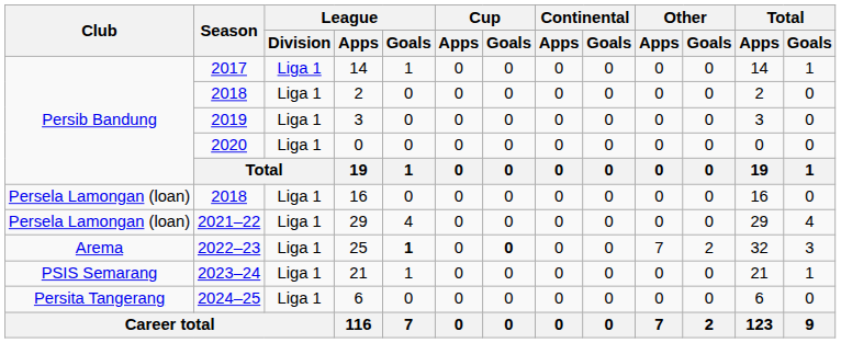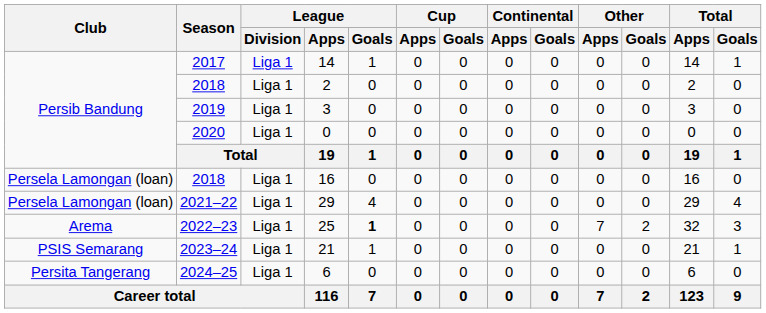 <table class="wikitable" style="text-align:center">
 <tr>
 <th rowspan="2">Club</th>
 <th rowspan="2">Season</th>
 <th colspan="3">League</th>
 <th colspan="2">Cup</th>
 <th colspan="2">Continental</th>
 <th colspan="2">Other</th>
 <th colspan="2">Total</th>
 </tr>
 <tr>
 <th>Division</th>
 <th>Apps</th>
 <th>Goals</th>
 <th>Apps</th>
 <th>Goals</th>
 <th>Apps</th>
 <th>Goals</th>
 <th>Apps</th>
 <th>Goals</th>
 <th>Apps</th>
 <th>Goals</th>
 </tr>
 <tr>
 <td rowspan="5"><a href='#'>Persib Bandung</a></td>
 <td><a href='#'>2017</a></td>
 <td rowspan="1" valign="center"><a href='#'>Liga 1</a></td>
 <td>14</td>
 <td>1</td>
 <td>0</td>
 <td>0</td>
 <td>0</td>
 <td>0</td>
 <td>0</td>
 <td>0</td>
 <td>14</td>
 <td>1</td>
 </tr>
 <tr>
 <td><a href='#'>2018</a></td>
 <td rowspan="1" valign="center">Liga 1</td>
 <td>2</td>
 <td>0</td>
 <td>0</td>
 <td>0</td>
 <td>0</td>
 <td>0</td>
 <td>0</td>
 <td>0</td>
 <td>2</td>
 <td>0</td>
 </tr>
 <tr>
 <td><a href='#'>2019</a></td>
 <td rowspan="1" valign="center">Liga 1</td>
 <td>3</td>
 <td>0</td>
 <td>0</td>
 <td>0</td>
 <td>0</td>
 <td>0</td>
 <td>0</td>
 <td>0</td>
 <td>3</td>
 <td>0</td>
 </tr>
 <tr>
 <td><a href='#'>2020</a></td>
 <td rowspan="1" valign="center">Liga 1</td>
 <td>0</td>
 <td>0</td>
 <td>0</td>
 <td>0</td>
 <td>0</td>
 <td>0</td>
 <td>0</td>
 <td>0</td>
 <td>0</td>
 <td>0</td>
 </tr>
 <tr>
 <th colspan="2">Total</th>
 <th>19</th>
 <th>1</th>
 <th>0</th>
 <th>0</th>
 <th>0</th>
 <th>0</th>
 <th>0</th>
 <th>0</th>
 <th>19</th>
 <th>1</th>
 </tr>
 <tr>
 <td rowspan="1" valign="center"><a href='#'>Persela Lamongan</a> (loan)</td>
 <td><a href='#'>2018</a></td>
 <td rowspan="1" valign="center">Liga 1</td>
 <td>16</td>
 <td>0</td>
 <td>0</td>
 <td>0</td>
 <td>0</td>
 <td>0</td>
 <td>0</td>
 <td>0</td>
 <td>16</td>
 <td>0</td>
 </tr>
 <tr>
 <td rowspan="1" valign="center"><a href='#'>Persela Lamongan</a> (loan)</td>
 <td><a href='#'>2021–22</a></td>
 <td rowspan="1" valign="center">Liga 1</td>
 <td>29</td>
 <td>4</td>
 <td>0</td>
 <td>0</td>
 <td>0</td>
 <td>0</td>
 <td>0</td>
 <td>0</td>
 <td>29</td>
 <td>4</td>
 </tr>
 <tr>
 <td rowspan="1"><a href='#'>Arema</a></td>
 <td><a href='#'>2022–23</a></td>
 <td rowspan="1">Liga 1</td>
 <td>25</td>
 <td><strong>1</strong></td>
 <td>0</td>
-<td><strong>0</strong></td>
+<td>0</td>
 <td>0</td>
 <td>0</td>
 <td>7</td>
 <td>2</td>
 <td>32</td>
 <td>3</td>
 </tr>
 <tr>
 <td><a href='#'>PSIS Semarang</a></td>
 <td><a href='#'>2023–24</a></td>
 <td>Liga 1</td>
 <td>21</td>
 <td>1</td>
 <td>0</td>
 <td>0</td>
 <td>0</td>
 <td>0</td>
 <td>0</td>
 <td>0</td>
 <td>21</td>
 <td>1</td>
 </tr>
 <tr>
 <td rowspan="1"><a href='#'>Persita Tangerang</a></td>
 <td><a href='#'>2024–25</a></td>
 <td rowspan="1">Liga 1</td>
 <td>6</td>
 <td>0</td>
 <td>0</td>
 <td>0</td>
 <td>0</td>
 <td>0</td>
 <td>0</td>
 <td>0</td>
 <td>6</td>
 <td>0</td>
 </tr>
 <tr>
 <th colspan="3">Career total</th>
 <th>116</th>
 <th>7</th>
 <th>0</th>
 <th>0</th>
 <th>0</th>
 <th>0</th>
 <th>7</th>
 <th>2</th>
 <th>123</th>
 <th>9</th>
 </tr>
 </table>
